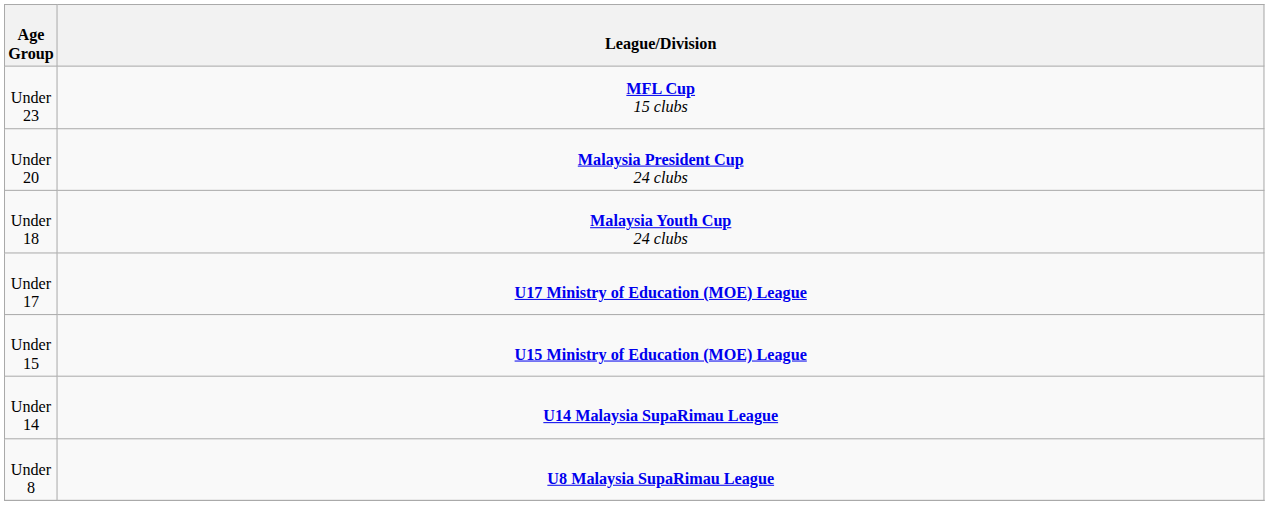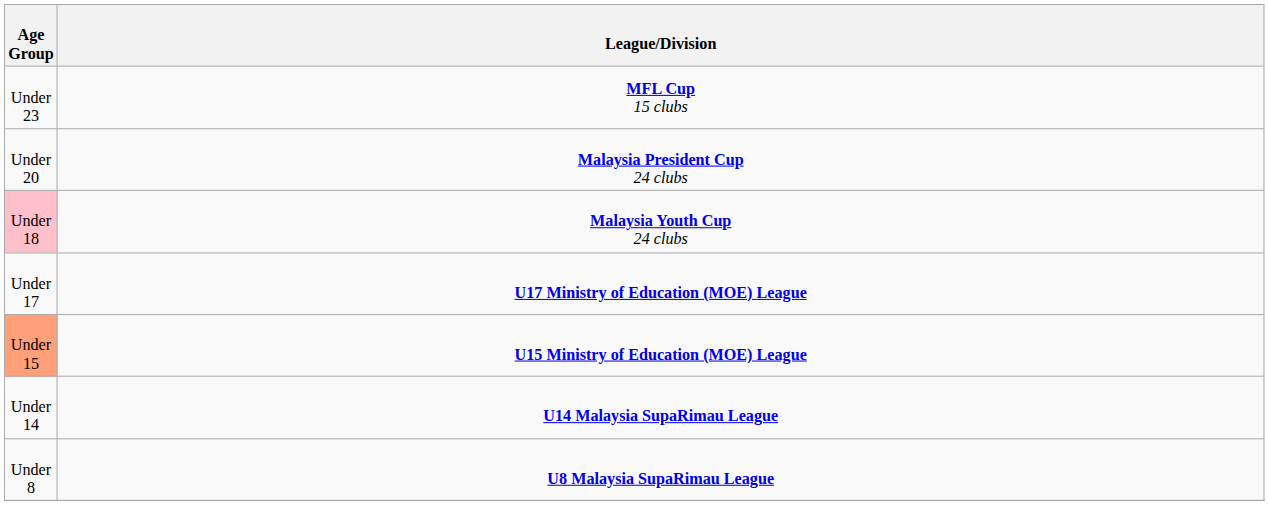 <table class="wikitable" style="text-align: center;">
 <tr>
 <th colspan="1" width="4%"><br>Age Group</th>
 <th colspan="18" width="96%"><br>League/Division</th>
 </tr>
 <tr>
 <td colspan="1" width="4%"><br>Under 23</td>
 <td colspan="18" width="96%"><strong><a href='#'>MFL Cup</a></strong> <br> <em>15 clubs</em></td>
 </tr>
 <tr>
 <td colspan="1" width="4%"><br>Under 20</td>
 <td colspan="18" width="96%"><br><strong><a href='#'>Malaysia President Cup</a></strong> <br> <em>24 clubs</em></td>
 </tr>
 <tr>
-<td colspan="1" width="4%"><br>Under 18</td>
+<td colspan="1" width="4%" style="background: pink;"><br>Under 18</td>
 <td colspan="18" width="96%"><br><strong><a href='#'>Malaysia Youth Cup</a></strong><br> <em>24 clubs</em></td>
 </tr>
 <tr>
 <td colspan="1" width="4%"><br>Under 17</td>
 <td colspan="18" width="96%"><br><strong><a href='#'>U17 Ministry of Education (MOE) League</a></strong></td>
 </tr>
 <tr>
-<td colspan="1" width="4%"><br>Under 15</td>
+<td colspan="1" width="4%" style="background: lightsalmon;"><br>Under 15</td>
 <td colspan="18" width="96%"><br><strong><a href='#'>U15 Ministry of Education (MOE) League</a></strong></td>
 </tr>
 <tr>
 <td colspan="1" width="4%"><br>Under 14</td>
 <td colspan="18" width="96%"><br><strong><a href='#'>U14 Malaysia SupaRimau League</a></strong></td>
 </tr>
 <tr>
 <td colspan="1" width="4%"><br>Under 8</td>
 <td colspan="18" width="96%"><br><strong><a href='#'>U8 Malaysia SupaRimau League</a></strong></td>
 </tr>
 <tr>
 </tr>
 </table>
